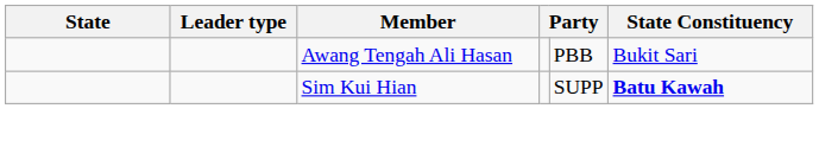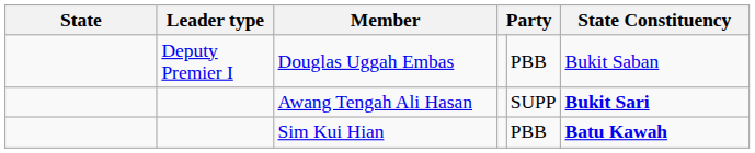 <table class ="wikitable sortable">
 <tr>
 <th style="width:120px;">State</th>
 <th style="width:90px;">Leader type</th>
 <th style="width:180px;">Member</th>
 <th style="width:40px;" colspan=2>Party</th>
 <th style="width:150px;">State Constituency</th>
 </tr>
 <tr>
 <td></td>
+<td><a href='#'>Deputy Premier I</a></td>
+<td><a href='#'>Douglas Uggah Embas</a></td>
+<td></td>
+<td>PBB</td>
+<td><a href='#'>Bukit Saban</a></td>
+</tr>
+<tr>
+<td></td>
 <td></td>
 <td><a href='#'>Awang Tengah Ali Hasan</a></td>
 <td></td>
-<td>PBB</td>
-<td><a href='#'>Bukit Sari</a></td>
+<td>SUPP</td>
+<td><strong><a href='#'>Bukit Sari</a></strong></td>
 </tr>
 <tr>
 <td></td>
 <td></td>
 <td><a href='#'>Sim Kui Hian</a></td>
 <td></td>
-<td>SUPP</td>
+<td>PBB</td>
 <td><strong><a href='#'>Batu Kawah</a></strong></td>
 </tr>
 </table>
